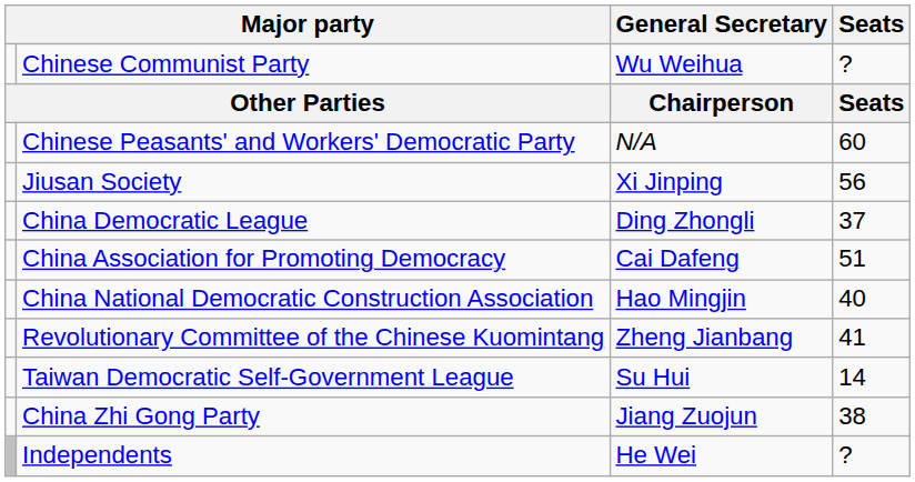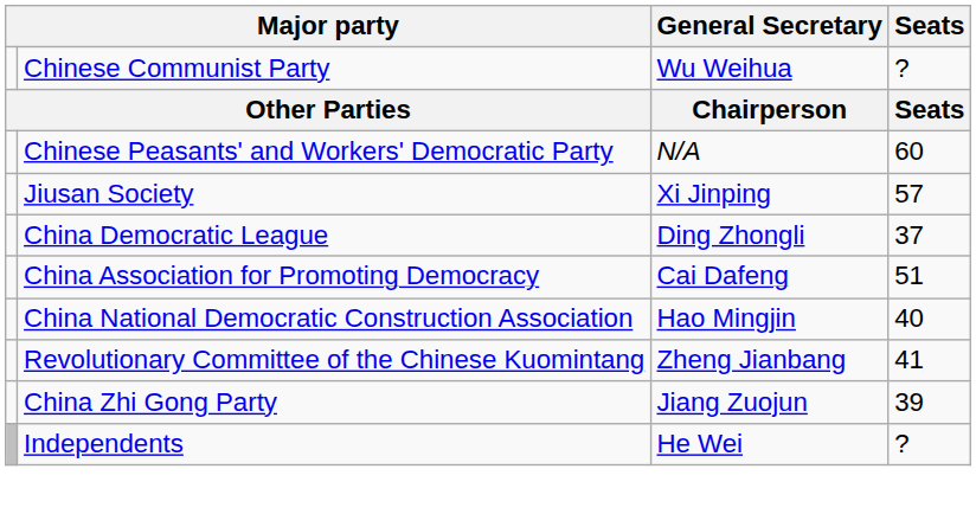 <table class="wikitable">
 <tr>
 <th colspan="2">Major party</th>
 <th>General Secretary</th>
 <th>Seats</th>
 </tr>
 <tr>
 <td style="background: "></td>
 <td><a href='#'>Chinese Communist Party</a></td>
 <td><a href='#'>Wu Weihua</a></td>
 <td>?</td>
 </tr>
 <tr>
 <th colspan="2">Other Parties</th>
 <th>Chairperson</th>
 <th>Seats</th>
 </tr>
 <tr>
 <td style="background: "></td>
 <td><a href='#'>Chinese Peasants' and Workers' Democratic Party</a></td>
 <td><em>N/A</em></td>
 <td>60</td>
 </tr>
 <tr>
 <td style="background: "></td>
 <td><a href='#'>Jiusan Society</a></td>
 <td><a href='#'>Xi Jinping</a></td>
-<td>56</td>
+<td>57</td>
 </tr>
 <tr>
 <td style="background: "></td>
 <td><a href='#'>China Democratic League</a></td>
 <td><a href='#'>Ding Zhongli</a></td>
 <td>37</td>
 </tr>
 <tr>
 <td style="background: "></td>
 <td><a href='#'>China Association for Promoting Democracy</a></td>
 <td><a href='#'>Cai Dafeng</a></td>
 <td>51</td>
 </tr>
 <tr>
 <td style="background: "></td>
 <td><a href='#'>China National Democratic Construction Association</a></td>
 <td><a href='#'>Hao Mingjin</a></td>
 <td>40</td>
 </tr>
 <tr>
 <td style="background: "></td>
 <td><a href='#'>Revolutionary Committee of the Chinese Kuomintang</a></td>
 <td><a href='#'>Zheng Jianbang</a></td>
 <td>41</td>
 </tr>
 <tr>
 <td style="background: "></td>
-<td><a href='#'>Taiwan Democratic Self-Government League</a></td>
-<td><a href='#'>Su Hui</a></td>
-<td>14</td>
-</tr>
-<tr>
-<td style="background: "></td>
 <td><a href='#'>China Zhi Gong Party</a></td>
 <td><a href='#'>Jiang Zuojun</a></td>
-<td>38</td>
+<td>39</td>
 </tr>
 <tr>
 <td style="background: #C0C0C0"></td>
 <td><a href='#'>Independents</a></td>
 <td><a href='#'>He Wei</a></td>
 <td>?</td>
 </tr>
 </table>
